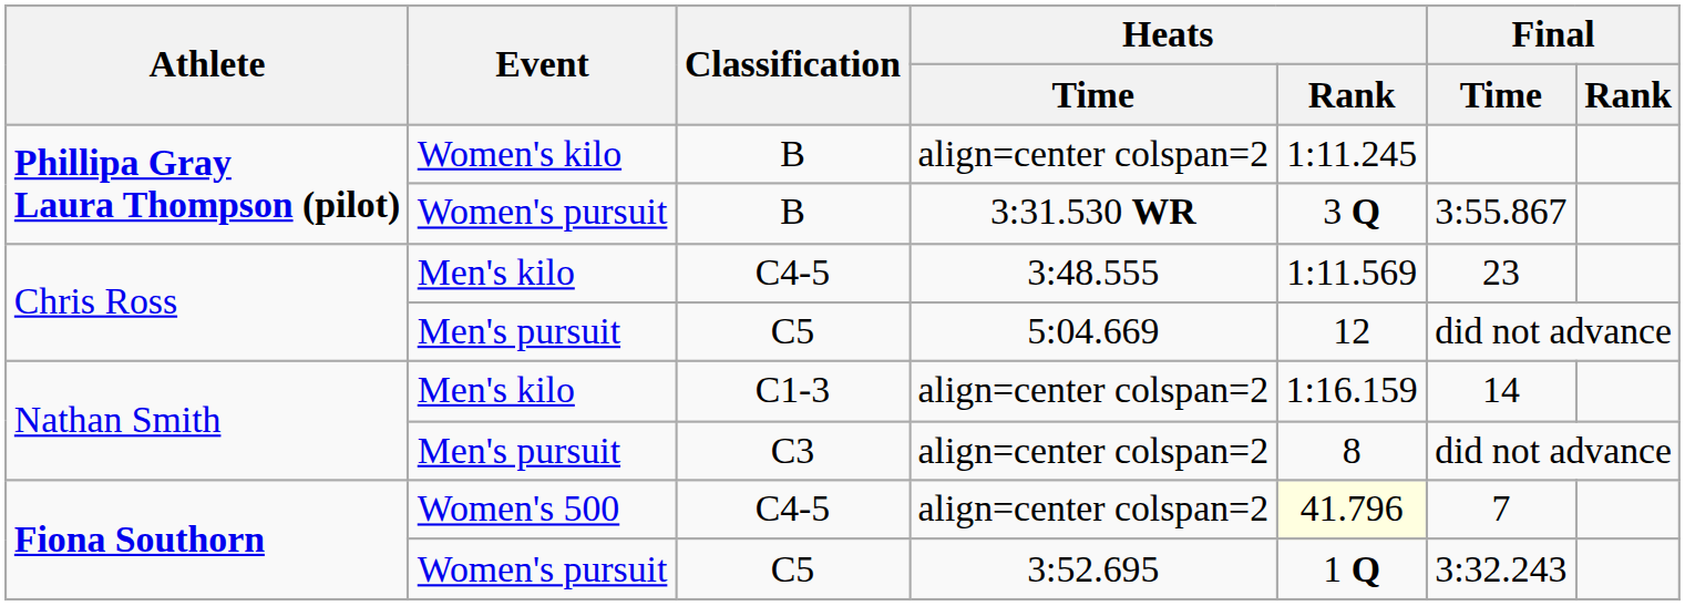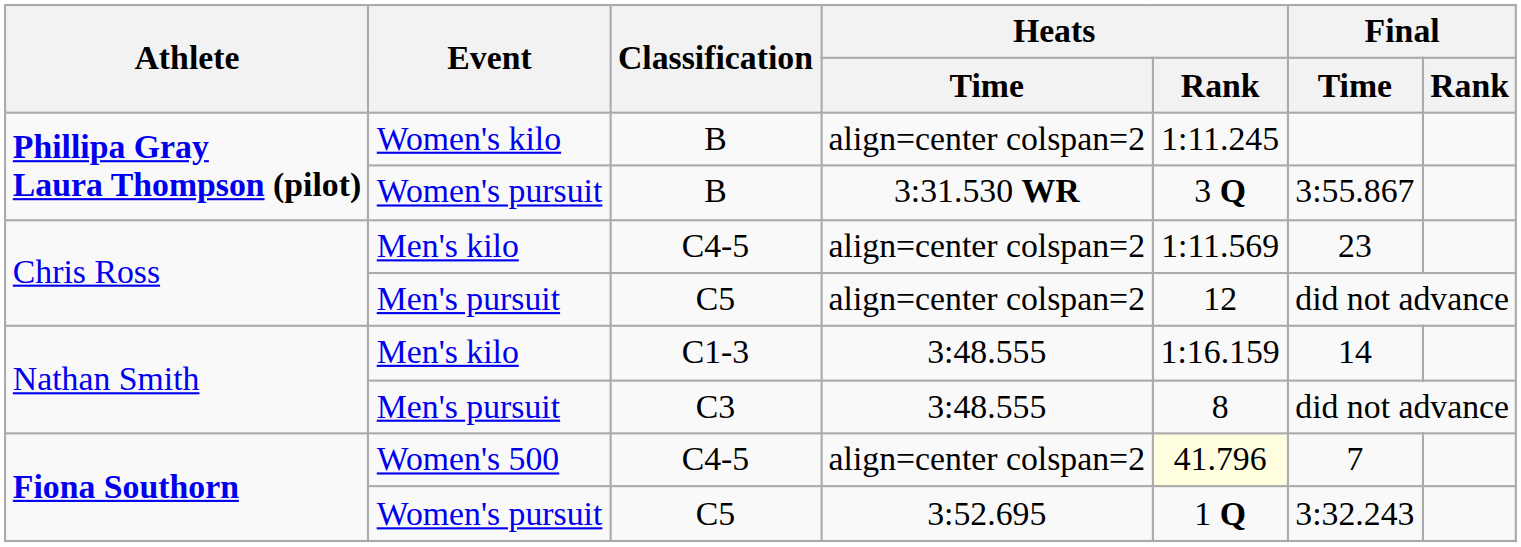 <table class=wikitable>
 <tr>
 <th rowspan="2">Athlete</th>
 <th rowspan="2">Event</th>
 <th rowspan="2">Classification</th>
 <th colspan="2">Heats</th>
 <th colspan="2">Final</th>
 </tr>
 <tr>
 <th>Time</th>
 <th>Rank</th>
 <th>Time</th>
 <th>Rank</th>
 </tr>
 <tr>
 <td rowspan=2><strong><a href='#'>Phillipa Gray</a> <br><a href='#'>Laura Thompson</a> (pilot)</strong></td>
 <td><a href='#'>Women's kilo</a></td>
 <td align=center>B</td>
 <td>align=center colspan=2 </td>
 <td align=center>1:11.245</td>
 <td align=center></td>
 </tr>
 <tr>
 <td><a href='#'>Women's pursuit</a></td>
 <td align=center>B</td>
 <td align=center>3:31.530 <strong>WR</strong></td>
 <td align=center>3 <strong>Q</strong></td>
 <td align=center>3:55.867</td>
 <td align=center></td>
 </tr>
 <tr>
 <td rowspan=2><a href='#'>Chris Ross</a></td>
 <td><a href='#'>Men's kilo</a></td>
 <td align=center>C4-5</td>
-<td align=center>3:48.555</td>
+<td>align=center colspan=2 </td>
 <td align=center>1:11.569</td>
 <td align=center>23</td>
 </tr>
 <tr>
 <td><a href='#'>Men's pursuit</a></td>
 <td align=center>C5</td>
-<td align=center>5:04.669</td>
+<td>align=center colspan=2 </td>
 <td align=center>12</td>
 <td align=center colspan=2>did not advance</td>
 </tr>
 <tr>
 <td rowspan=2><a href='#'>Nathan Smith</a></td>
 <td><a href='#'>Men's kilo</a></td>
 <td align=center>C1-3</td>
-<td>align=center colspan=2 </td>
+<td align=center>3:48.555</td>
 <td align=center>1:16.159</td>
 <td align=center>14</td>
 </tr>
 <tr>
 <td><a href='#'>Men's pursuit</a></td>
 <td align=center>C3</td>
-<td>align=center colspan=2 </td>
+<td align=center>3:48.555</td>
 <td align=center>8</td>
 <td align=center colspan=2>did not advance</td>
 </tr>
 <tr>
 <td rowspan=2><strong><a href='#'>Fiona Southorn</a></strong></td>
 <td><a href='#'>Women's 500</a></td>
 <td align=center>C4-5</td>
 <td>align=center colspan=2 </td>
 <td align=center style="background: lightyellow;">41.796</td>
 <td align=center>7</td>
 </tr>
 <tr>
 <td><a href='#'>Women's pursuit</a></td>
 <td align=center>C5</td>
 <td align=center>3:52.695</td>
 <td align=center>1 <strong>Q</strong></td>
 <td align=center>3:32.243</td>
 <td align=center></td>
 </tr>
 </table>
